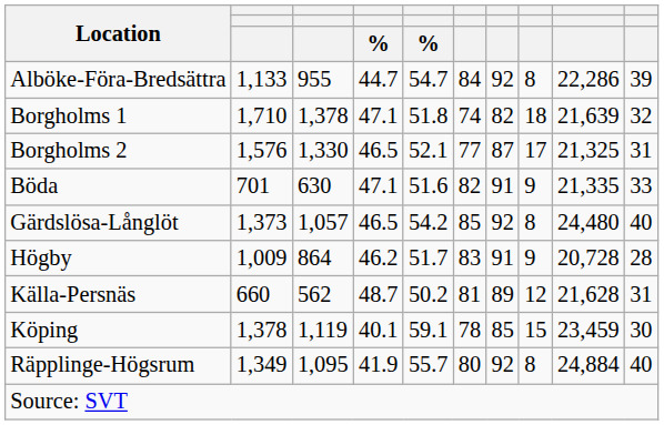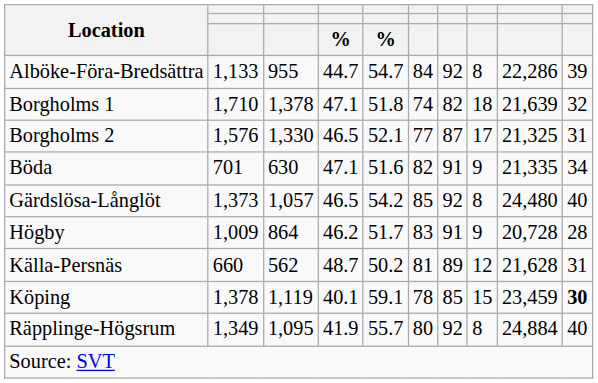 <table role="presentation" class="wikitable sortable mw-collapsible">
 <tr>
 <th rowspan="3">Location</th>
 <th></th>
 <th></th>
 <th></th>
 <th></th>
 <th></th>
 <th></th>
 <th></th>
 <th></th>
 <th></th>
 </tr>
 <tr>
 <th></th>
 <th></th>
 <th style="background:"></th>
 <th style="background:"></th>
 <th></th>
 <th></th>
 <th></th>
 <th></th>
 <th></th>
 </tr>
 <tr>
 <th data-sort-type="number"></th>
 <th data-sort-type="number"></th>
 <th data-sort-type="number">%</th>
 <th data-sort-type="number">%</th>
 <th data-sort-type="number"></th>
 <th data-sort-type="number"></th>
 <th data-sort-type="number"></th>
 <th data-sort-type="number"></th>
 <th data-sort-type="number"></th>
 </tr>
 <tr>
 <td align="left">Alböke-Föra-Bredsättra</td>
 <td>1,133</td>
 <td>955</td>
 <td>44.7</td>
 <td>54.7</td>
 <td>84</td>
 <td>92</td>
 <td>8</td>
 <td>22,286</td>
 <td>39</td>
 </tr>
 <tr>
 <td align="left">Borgholms 1</td>
 <td>1,710</td>
 <td>1,378</td>
 <td>47.1</td>
 <td>51.8</td>
 <td>74</td>
 <td>82</td>
 <td>18</td>
 <td>21,639</td>
 <td>32</td>
 </tr>
 <tr>
 <td align="left">Borgholms 2</td>
 <td>1,576</td>
 <td>1,330</td>
 <td>46.5</td>
 <td>52.1</td>
 <td>77</td>
 <td>87</td>
 <td>17</td>
 <td>21,325</td>
 <td>31</td>
 </tr>
 <tr>
 <td align="left">Böda</td>
 <td>701</td>
 <td>630</td>
 <td>47.1</td>
 <td>51.6</td>
 <td>82</td>
 <td>91</td>
 <td>9</td>
 <td>21,335</td>
-<td>33</td>
+<td>34</td>
 </tr>
 <tr>
 <td align="left">Gärdslösa-Långlöt</td>
 <td>1,373</td>
 <td>1,057</td>
 <td>46.5</td>
 <td>54.2</td>
 <td>85</td>
 <td>92</td>
 <td>8</td>
 <td>24,480</td>
 <td>40</td>
 </tr>
 <tr>
 <td align="left">Högby</td>
 <td>1,009</td>
 <td>864</td>
 <td>46.2</td>
 <td>51.7</td>
 <td>83</td>
 <td>91</td>
 <td>9</td>
 <td>20,728</td>
 <td>28</td>
 </tr>
 <tr>
 <td align="left">Källa-Persnäs</td>
 <td>660</td>
 <td>562</td>
 <td>48.7</td>
 <td>50.2</td>
 <td>81</td>
 <td>89</td>
 <td>12</td>
 <td>21,628</td>
 <td>31</td>
 </tr>
 <tr>
 <td align="left">Köping</td>
 <td>1,378</td>
 <td>1,119</td>
 <td>40.1</td>
 <td>59.1</td>
 <td>78</td>
 <td>85</td>
 <td>15</td>
 <td>23,459</td>
-<td>30</td>
+<td><strong>30</strong></td>
 </tr>
 <tr>
 <td align="left">Räpplinge-Högsrum</td>
 <td>1,349</td>
 <td>1,095</td>
 <td>41.9</td>
 <td>55.7</td>
 <td>80</td>
 <td>92</td>
 <td>8</td>
 <td>24,884</td>
 <td>40</td>
 </tr>
 <tr>
 <td colspan="10" align="left">Source: <a href='#'>SVT</a></td>
 </tr>
 </table>
